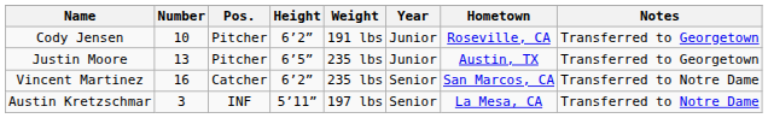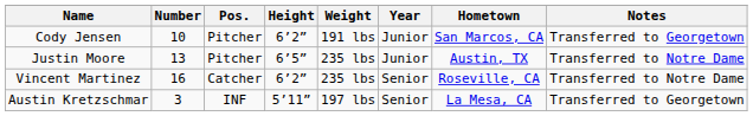 <table class="wikitable sortable">
 <tr>
 </tr>
 <tr>
 <th>Name</th>
 <th>Number</th>
 <th>Pos.</th>
 <th>Height</th>
 <th>Weight</th>
 <th>Year</th>
 <th>Hometown</th>
 <th>Notes</th>
 </tr>
 <tr align="center">
 <td>Cody Jensen</td>
 <td>10</td>
 <td>Pitcher</td>
 <td>6’2”</td>
 <td>191 lbs</td>
 <td>Junior</td>
-<td><a href='#'>Roseville, CA</a></td>
+<td><a href='#'>San Marcos, CA</a></td>
 <td>Transferred to <a href='#'>Georgetown</a></td>
 </tr>
 <tr align="center">
 <td>Justin Moore</td>
 <td>13</td>
 <td>Pitcher</td>
 <td>6’5”</td>
 <td>235 lbs</td>
 <td>Junior</td>
 <td><a href='#'>Austin, TX</a></td>
-<td>Transferred to Georgetown</td>
+<td>Transferred to <a href='#'>Notre Dame</a></td>
 </tr>
 <tr align="center">
 <td>Vincent Martinez</td>
 <td>16</td>
 <td>Catcher</td>
 <td>6’2”</td>
 <td>235 lbs</td>
 <td>Senior</td>
-<td><a href='#'>San Marcos, CA</a></td>
+<td><a href='#'>Roseville, CA</a></td>
 <td>Transferred to Notre Dame</td>
 </tr>
 <tr align="center">
 <td>Austin Kretzschmar</td>
 <td>3</td>
 <td>INF</td>
 <td>5’11”</td>
 <td>197 lbs</td>
 <td>Senior</td>
 <td><a href='#'>La Mesa, CA</a></td>
-<td>Transferred to <a href='#'>Notre Dame</a></td>
+<td>Transferred to Georgetown</td>
 </tr>
 </table>
